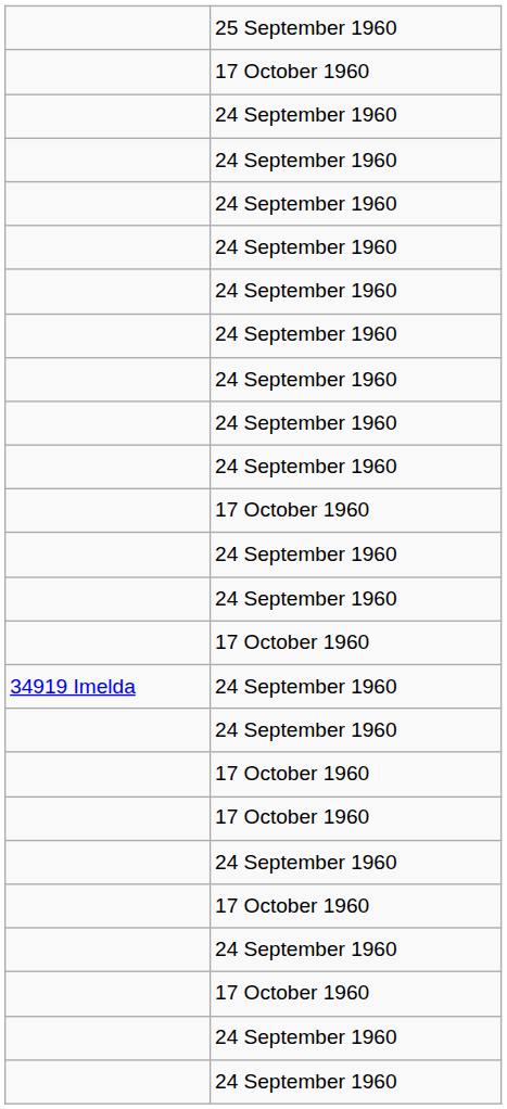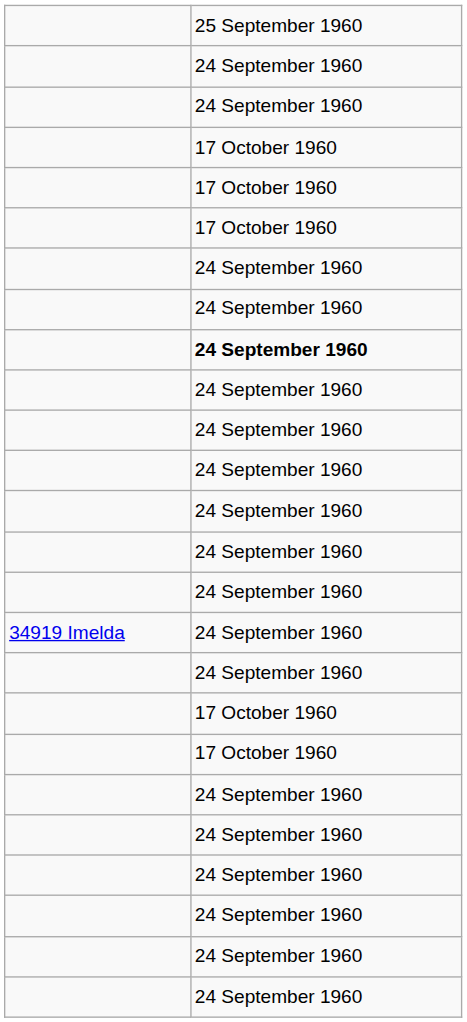 <table class="wikitable" style="font-size: 89%; float: left; width: 24em; margin-right: 1em; line-height: 1.65em">
 <tr>
 <td></td>
 <td>25 September 1960</td>
+</tr>
+<tr>
+<td></td>
+<td>24 September 1960</td>
+</tr>
+<tr>
+<td></td>
+<td>24 September 1960</td>
+</tr>
+<tr>
+<td></td>
+<td>17 October 1960</td>
+</tr>
+<tr>
+<td></td>
+<td>17 October 1960</td>
+</tr>
+<tr>
+<td></td>
+<td>17 October 1960</td>
+</tr>
+<tr>
+<td></td>
+<td>24 September 1960</td>
+</tr>
+<tr>
+<td></td>
+<td>24 September 1960</td>
+</tr>
+<tr>
+<td></td>
+<td><strong>24 September 1960</strong></td>
+</tr>
+<tr>
+<td></td>
+<td>24 September 1960</td>
+</tr>
+<tr>
+<td></td>
+<td>24 September 1960</td>
+</tr>
+<tr>
+<td></td>
+<td>24 September 1960</td>
+</tr>
+<tr>
+<td></td>
+<td>24 September 1960</td>
+</tr>
+<tr>
+<td></td>
+<td>24 September 1960</td>
+</tr>
+<tr>
+<td></td>
+<td>24 September 1960</td>
+</tr>
+<tr>
+<td><a href='#'>34919 Imelda</a></td>
+<td>24 September 1960</td>
+</tr>
+<tr>
+<td></td>
+<td>24 September 1960</td>
+</tr>
+<tr>
+<td></td>
+<td>17 October 1960</td>
 </tr>
 <tr>
 <td></td>
 <td>17 October 1960</td>
 </tr>
 <tr>
 <td></td>
 <td>24 September 1960</td>
 </tr>
 <tr>
 <td></td>
 <td>24 September 1960</td>
 </tr>
 <tr>
 <td></td>
 <td>24 September 1960</td>
 </tr>
 <tr>
 <td></td>
 <td>24 September 1960</td>
 </tr>
 <tr>
 <td></td>
 <td>24 September 1960</td>
 </tr>
 <tr>
 <td></td>
 <td>24 September 1960</td>
 </tr>
-<tr>
-<td></td>
-<td>24 September 1960</td>
-</tr>
-<tr>
-<td></td>
-<td>24 September 1960</td>
-</tr>
-<tr>
-<td></td>
-<td>24 September 1960</td>
-</tr>
-<tr>
-<td></td>
-<td>17 October 1960</td>
-</tr>
-<tr>
-<td></td>
-<td>24 September 1960</td>
-</tr>
-<tr>
-<td></td>
-<td>24 September 1960</td>
-</tr>
-<tr>
-<td></td>
-<td>17 October 1960</td>
-</tr>
-<tr>
-<td><a href='#'>34919 Imelda</a></td>
-<td>24 September 1960</td>
-</tr>
-<tr>
-<td></td>
-<td>24 September 1960</td>
-</tr>
-<tr>
-<td></td>
-<td>17 October 1960</td>
-</tr>
-<tr>
-<td></td>
-<td>17 October 1960</td>
-</tr>
-<tr>
-<td></td>
-<td>24 September 1960</td>
-</tr>
-<tr>
-<td></td>
-<td>17 October 1960</td>
-</tr>
-<tr>
-<td></td>
-<td>24 September 1960</td>
-</tr>
-<tr>
-<td></td>
-<td>17 October 1960</td>
-</tr>
-<tr>
-<td></td>
-<td>24 September 1960</td>
-</tr>
-<tr>
-<td></td>
-<td>24 September 1960</td>
-</tr>
 </table>
